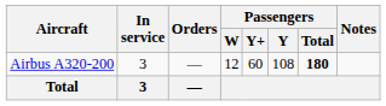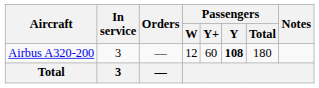 <table class="wikitable" style="margin:0.5em auto; text-align:center">
 <tr>
 <th rowspan=2>Aircraft</th>
 <th rowspan=2>In <br> service</th>
 <th rowspan=2>Orders</th>
 <th colspan=4>Passengers</th>
 <th rowspan=2>Notes</th>
 </tr>
 <tr>
 <th><abbr>W</abbr></th>
 <th><abbr>Y+</abbr></th>
 <th><abbr>Y</abbr></th>
 <th>Total</th>
 </tr>
 <tr>
 <td><a href='#'>Airbus A320-200</a></td>
 <td>3</td>
 <td>—</td>
 <td>12</td>
 <td>60</td>
-<td>108</td>
-<td><strong>180</strong></td>
+<td><strong>108</strong></td>
+<td>180</td>
 <td></td>
 </tr>
 <tr>
 <th>Total</th>
 <th>3</th>
 <th>—</th>
 <th colspan=5></th>
 </tr>
 </table>
